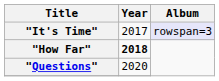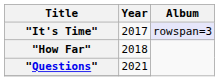 <table class="wikitable plainrowheaders" style="text-align:center;">
 <tr>
 <th scope="col" style="width:10em;">Title</th>
 <th scope="col">Year</th>
 <th scope="col">Album</th>
 </tr>
 <tr>
 <th scope="row">"It's Time"</th>
 <td>2017</td>
 <td style="background: lavender;">rowspan=3 </td>
 </tr>
 <tr>
 <th scope="row">"How Far"</th>
-<td><strong>2018</strong></td>
+<td>2018</td>
 </tr>
 <tr>
 <th scope="row">"<a href='#'>Questions</a>"</th>
-<td>2020</td>
+<td>2021</td>
 </tr>
 <tr>
 </tr>
 </table>
